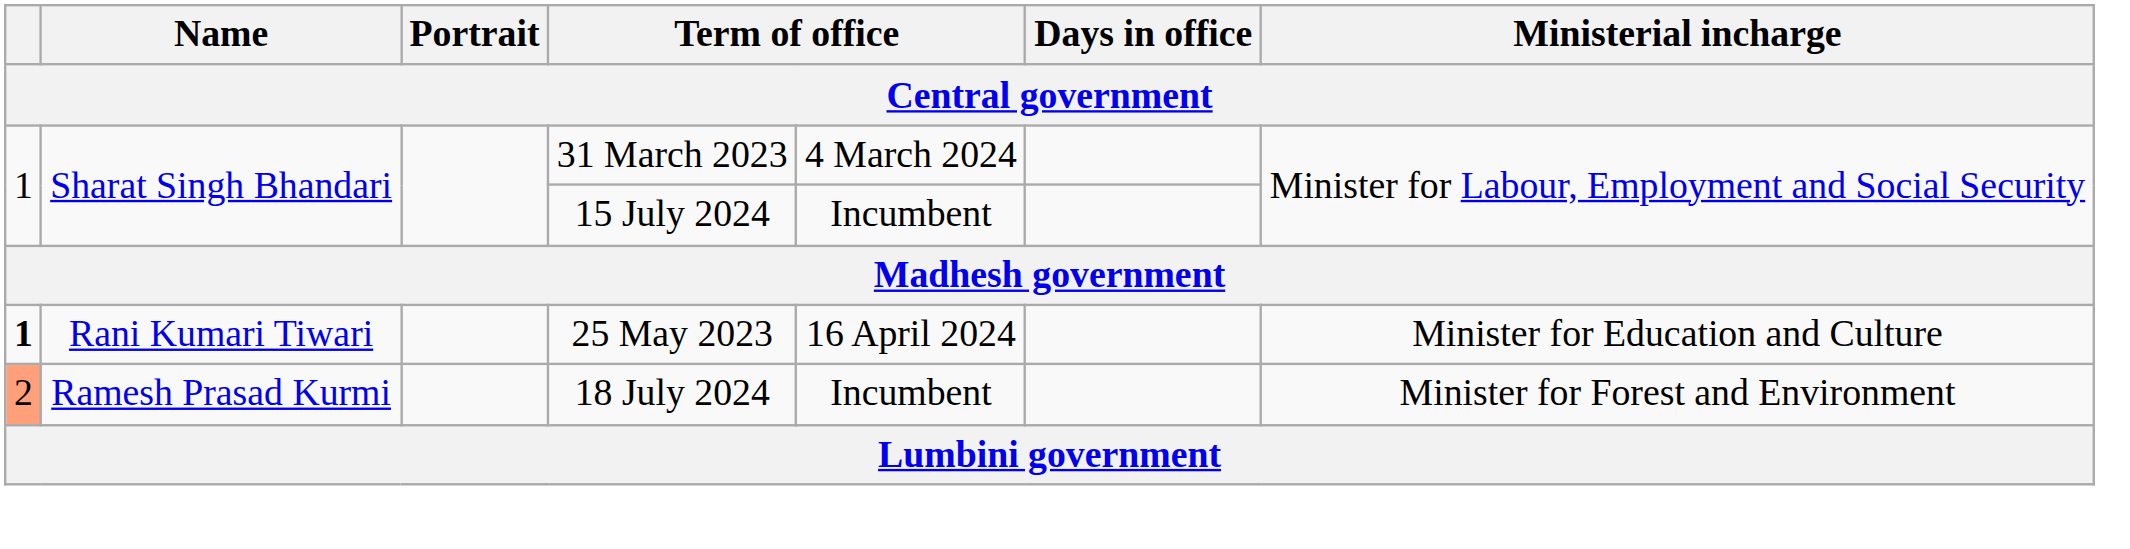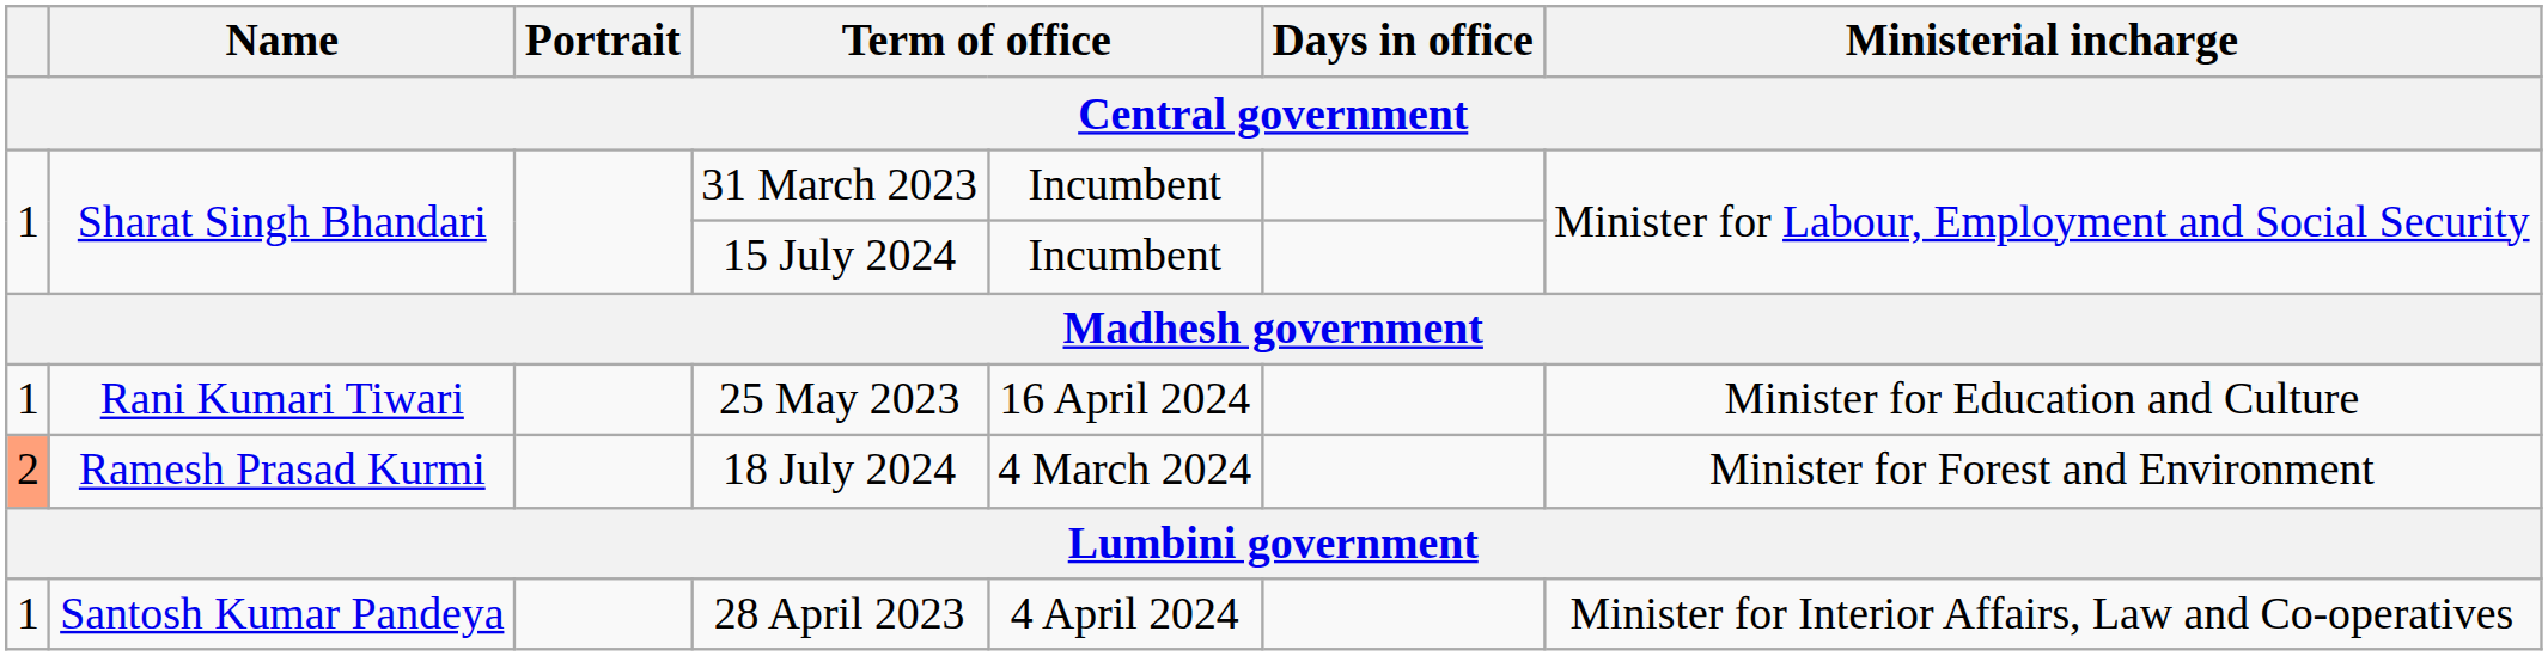 <table class="wikitable" style="text-align:center">
 <tr>
 <th style="background:"></th>
 <th style="background:">Name</th>
 <th style="background:">Portrait</th>
 <th colspan="2" style="background:">Term of office</th>
 <th style="background:">Days in office</th>
 <th style="background:">Ministerial incharge</th>
 </tr>
 <tr>
 <th colspan="7"><a href='#'>Central government</a></th>
 </tr>
 <tr>
 <td rowspan="2">1</td>
 <td rowspan="2"><a href='#'>Sharat Singh Bhandari</a></td>
 <td rowspan="2"></td>
 <td>31 March 2023</td>
-<td>4 March 2024</td>
+<td>Incumbent</td>
 <td></td>
 <td rowspan="2">Minister for <a href='#'>Labour, Employment and Social Security</a></td>
 </tr>
 <tr>
 <td>15 July 2024</td>
 <td>Incumbent</td>
 <td></td>
 </tr>
 <tr>
 <th colspan="7"><a href='#'>Madhesh government</a></th>
 </tr>
 <tr>
-<td><strong>1</strong></td>
+<td>1</td>
 <td><a href='#'>Rani Kumari Tiwari</a></td>
 <td></td>
 <td>25 May 2023</td>
 <td>16 April 2024</td>
 <td></td>
 <td>Minister for Education and Culture</td>
 </tr>
 <tr>
 <td style="background: lightsalmon;">2</td>
 <td><a href='#'>Ramesh Prasad Kurmi</a></td>
 <td></td>
 <td>18 July 2024</td>
-<td>Incumbent</td>
+<td>4 March 2024</td>
 <td></td>
 <td>Minister for Forest and Environment</td>
 </tr>
 <tr>
 <th colspan="7"><strong><a href='#'>Lumbini government</a></strong></th>
 </tr>
+<tr>
+<td>1</td>
+<td><a href='#'>Santosh Kumar Pandeya</a></td>
+<td></td>
+<td>28 April 2023</td>
+<td>4 April 2024</td>
+<td></td>
+<td>Minister for Interior Affairs, Law and Co-operatives</td>
+</tr>
 </table>
